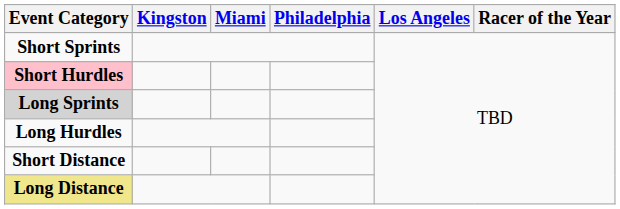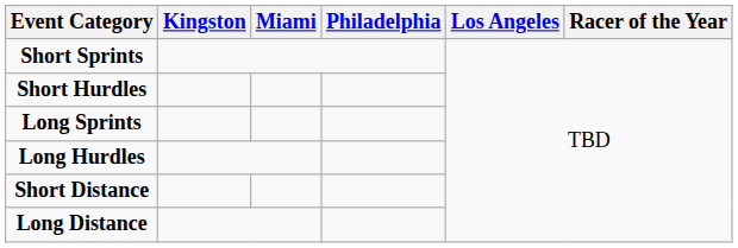 <table class="wikitable" style="text-align:center;">
 <tr>
 <th scope="col">Event Category</th>
 <th scope="col"><a href='#'>Kingston</a></th>
 <th scope="col"><a href='#'>Miami</a></th>
 <th scope="col"><a href='#'>Philadelphia</a></th>
 <th scope="col"><a href='#'>Los Angeles</a></th>
 <th>Racer of the Year</th>
 </tr>
 <tr>
 <td><strong>Short Sprints</strong></td>
 <td colspan="3"> </td>
 <td colspan="2" rowspan="6">TBD</td>
 </tr>
 <tr>
-<td style="background: pink;"><strong>Short Hurdles</strong></td>
+<td><strong>Short Hurdles</strong></td>
 <td> </td>
 <td> </td>
 <td> </td>
 </tr>
 <tr>
-<td style="background: lightgrey;"><strong>Long Sprints</strong></td>
+<td><strong>Long Sprints</strong></td>
 <td> </td>
 <td> </td>
 <td> </td>
 </tr>
 <tr>
 <td><strong>Long Hurdles</strong></td>
 <td colspan="2"> </td>
 <td> </td>
 </tr>
 <tr>
 <td><strong>Short Distance</strong></td>
 <td> </td>
 <td> </td>
 <td> </td>
 </tr>
 <tr>
-<td style="background: khaki;"><strong>Long Distance</strong></td>
+<td><strong>Long Distance</strong></td>
 <td colspan="2"> </td>
 <td> </td>
 </tr>
 </table>
